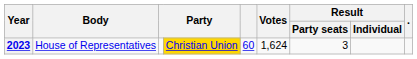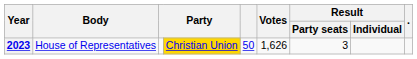 <table class="wikitable plainrowheaders sortable" border=2 cellpadding=4 cellspacing=0 style="border: 1px #aaa solid; font-size: 90%; text-align:center;">
 <tr>
 <th scope="col" rowspan=2>Year</th>
 <th scope="col" rowspan=2>Body</th>
 <th scope="col" colspan=2 rowspan=2>Party</th>
 <th scope="col" rowspan=2></th>
 <th scope="col" rowspan=2>Votes</th>
 <th scope="colgroup" colspan=2>Result</th>
 <th scope="col" rowspan=2 class="unsortable">.</th>
 </tr>
 <tr>
 <th scope="col">Party seats</th>
 <th scope="col">Individual</th>
 </tr>
 <tr>
 <th scope="row"><a href='#'>2023</a></th>
 <td><a href='#'>House of Representatives</a></td>
 <td style="background-color:"></td>
 <td style="background: gold;"><a href='#'>Christian Union</a></td>
-<td style=text-align:right><a href='#'>60</a></td>
-<td style=text-align:right>1,624</td>
+<td style=text-align:right><a href='#'>50</a></td>
+<td style=text-align:right>1,626</td>
 <td style=text-align:right>3</td>
 <td></td>
 <td></td>
 </tr>
 </table>
